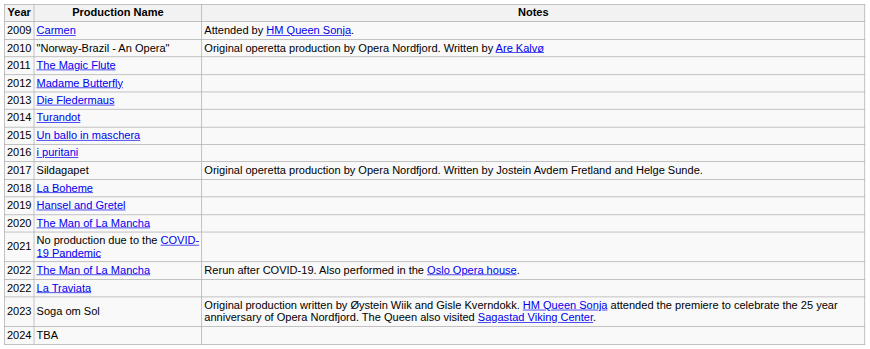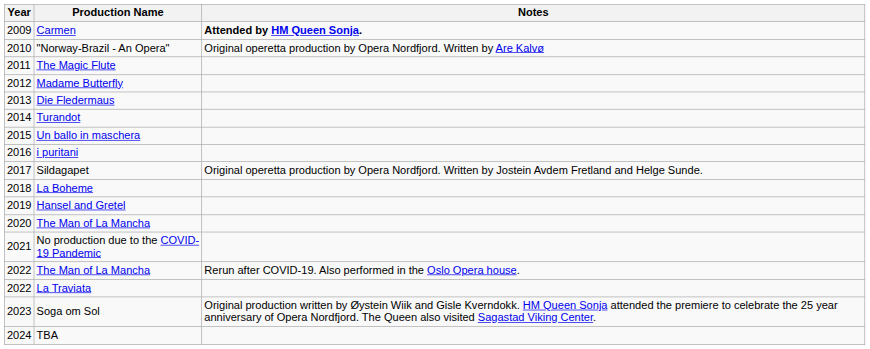 <table class="wikitable">
 <tr>
 <th>Year</th>
 <th>Production Name</th>
 <th>Notes</th>
 </tr>
 <tr>
 <td>2009</td>
 <td><a href='#'>Carmen</a></td>
-<td>Attended by <a href='#'>HM Queen Sonja</a>.</td>
+<td><strong>Attended by <a href='#'>HM Queen Sonja</a>.</strong></td>
 </tr>
 <tr>
 <td>2010</td>
 <td>"Norway-Brazil - An Opera"</td>
 <td>Original operetta production by Opera Nordfjord. Written by <a href='#'>Are Kalvø</a></td>
 </tr>
 <tr>
 <td>2011</td>
 <td><a href='#'>The Magic Flute</a></td>
 <td></td>
 </tr>
 <tr>
 <td>2012</td>
 <td><a href='#'>Madame Butterfly</a></td>
 <td></td>
 </tr>
 <tr>
 <td>2013</td>
 <td><a href='#'>Die Fledermaus</a></td>
 <td></td>
 </tr>
 <tr>
 <td>2014</td>
 <td><a href='#'>Turandot</a></td>
 <td></td>
 </tr>
 <tr>
 <td>2015</td>
 <td><a href='#'>Un ballo in maschera</a></td>
 <td></td>
 </tr>
 <tr>
 <td>2016</td>
 <td><a href='#'>i puritani</a></td>
 <td></td>
 </tr>
 <tr>
 <td>2017</td>
 <td>Sildagapet</td>
 <td>Original operetta production by Opera Nordfjord. Written by Jostein Avdem Fretland and Helge Sunde.</td>
 </tr>
 <tr>
 <td>2018</td>
 <td><a href='#'>La Boheme</a></td>
 <td></td>
 </tr>
 <tr>
 <td>2019</td>
 <td><a href='#'>Hansel and Gretel</a></td>
 <td></td>
 </tr>
 <tr>
 <td>2020</td>
 <td><a href='#'>The Man of La Mancha</a></td>
 <td></td>
 </tr>
 <tr>
 <td>2021</td>
 <td>No production due to the <a href='#'>COVID-19 Pandemic</a></td>
 <td></td>
 </tr>
 <tr>
 <td>2022</td>
 <td><a href='#'>The Man of La Mancha</a></td>
 <td>Rerun after COVID-19. Also performed in the <a href='#'>Oslo Opera house</a>.</td>
 </tr>
 <tr>
 <td>2022</td>
 <td><a href='#'>La Traviata</a></td>
 <td></td>
 </tr>
 <tr>
 <td>2023</td>
 <td>Soga om Sol</td>
 <td>Original production written by Øystein Wiik and Gisle Kverndokk. <a href='#'>HM Queen Sonja</a> attended the premiere to celebrate the 25 year anniversary of Opera Nordfjord. The Queen also visited <a href='#'>Sagastad Viking Center</a>.</td>
 </tr>
 <tr>
 <td>2024</td>
 <td>TBA</td>
 <td></td>
 </tr>
 </table>
